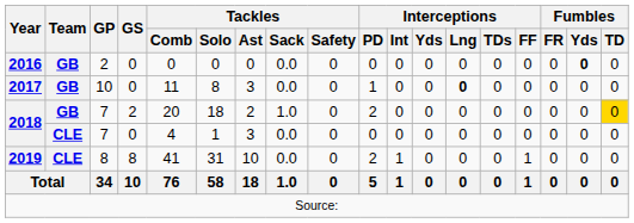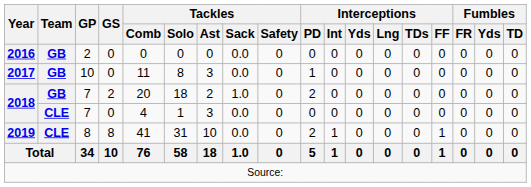 <table class="wikitable" style="text-align: center;">
 <tr>
 <th rowspan=2>Year</th>
 <th rowspan=2>Team</th>
 <th rowspan=2>GP</th>
 <th rowspan=2>GS</th>
 <th colspan=5>Tackles</th>
 <th colspan=6>Interceptions</th>
 <th colspan=4>Fumbles</th>
 </tr>
 <tr>
 <th>Comb</th>
 <th>Solo</th>
 <th>Ast</th>
 <th>Sack</th>
 <th>Safety</th>
 <th>PD</th>
 <th>Int</th>
 <th>Yds</th>
 <th>Lng</th>
 <th>TDs</th>
 <th>FF</th>
 <th>FR</th>
 <th>Yds</th>
 <th>TD</th>
 </tr>
 <tr>
 <th><a href='#'>2016</a></th>
 <th><a href='#'>GB</a></th>
 <td>2</td>
 <td>0</td>
 <td>0</td>
 <td>0</td>
 <td>0</td>
 <td>0.0</td>
 <td>0</td>
 <td>0</td>
 <td>0</td>
 <td>0</td>
 <td>0</td>
 <td>0</td>
 <td>0</td>
 <td>0</td>
-<td><strong>0</strong></td>
+<td>0</td>
 <td>0</td>
 </tr>
 <tr>
 <th><a href='#'>2017</a></th>
 <th><a href='#'>GB</a></th>
 <td>10</td>
 <td>0</td>
 <td>11</td>
 <td>8</td>
 <td>3</td>
 <td>0.0</td>
 <td>0</td>
 <td>1</td>
 <td>0</td>
 <td>0</td>
-<td><strong>0</strong></td>
+<td>0</td>
 <td>0</td>
 <td>0</td>
 <td>0</td>
 <td>0</td>
 <td>0</td>
 </tr>
 <tr>
 <th rowspan="2"><a href='#'>2018</a></th>
 <th><a href='#'>GB</a></th>
 <td>7</td>
 <td>2</td>
 <td>20</td>
 <td>18</td>
 <td>2</td>
 <td>1.0</td>
 <td>0</td>
 <td>2</td>
 <td>0</td>
 <td>0</td>
 <td>0</td>
 <td>0</td>
 <td>0</td>
 <td>0</td>
 <td>0</td>
-<td style="background: gold;">0</td>
+<td>0</td>
 </tr>
 <tr>
 <th><a href='#'>CLE</a></th>
 <td>7</td>
 <td>0</td>
 <td>4</td>
 <td>1</td>
 <td>3</td>
 <td>0.0</td>
 <td>0</td>
 <td>0</td>
 <td>0</td>
 <td>0</td>
 <td>0</td>
 <td>0</td>
 <td>0</td>
 <td>0</td>
 <td>0</td>
 <td>0</td>
 </tr>
 <tr>
 <th><a href='#'>2019</a></th>
 <th><a href='#'>CLE</a></th>
 <td>8</td>
 <td>8</td>
 <td>41</td>
 <td>31</td>
 <td>10</td>
 <td>0.0</td>
 <td>0</td>
 <td>2</td>
 <td>1</td>
 <td>0</td>
 <td>0</td>
 <td>0</td>
 <td>1</td>
 <td>0</td>
 <td>0</td>
 <td>0</td>
 </tr>
 <tr>
 <th colspan=2>Total</th>
 <th>34</th>
 <th>10</th>
 <th>76</th>
 <th>58</th>
 <th>18</th>
 <th>1.0</th>
 <th>0</th>
 <th>5</th>
 <th>1</th>
 <th>0</th>
 <th>0</th>
 <th>0</th>
 <th>1</th>
 <th>0</th>
 <th>0</th>
 <th>0</th>
 </tr>
 <tr>
 <td colspan="19"><small>Source: </small></td>
 </tr>
 </table>
